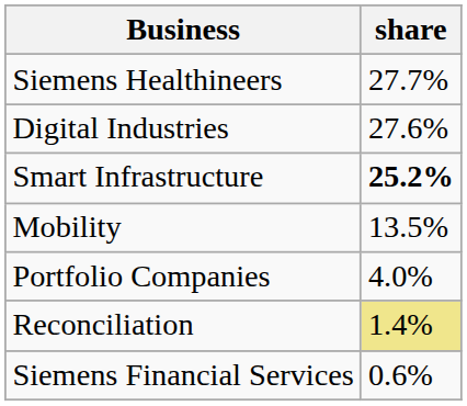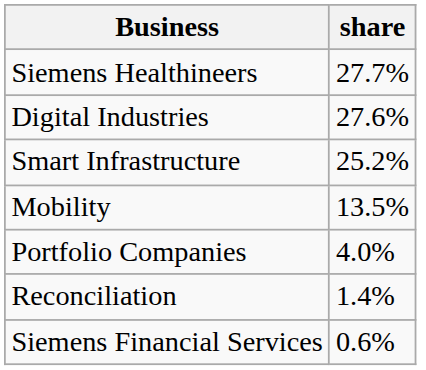 <table class="wikitable floatright">
 <tr>
 <th>Business</th>
 <th>share</th>
 </tr>
 <tr>
 <td>Siemens Healthineers</td>
 <td>27.7%</td>
 </tr>
 <tr>
 <td>Digital Industries</td>
 <td>27.6%</td>
 </tr>
 <tr>
 <td>Smart Infrastructure</td>
-<td><strong>25.2%</strong></td>
+<td>25.2%</td>
 </tr>
 <tr>
 <td>Mobility</td>
 <td>13.5%</td>
 </tr>
 <tr>
 <td>Portfolio Companies</td>
 <td>4.0%</td>
 </tr>
 <tr>
 <td>Reconciliation</td>
-<td style="background: khaki;">1.4%</td>
+<td>1.4%</td>
 </tr>
 <tr>
 <td>Siemens Financial Services</td>
 <td>0.6%</td>
 </tr>
 </table>
